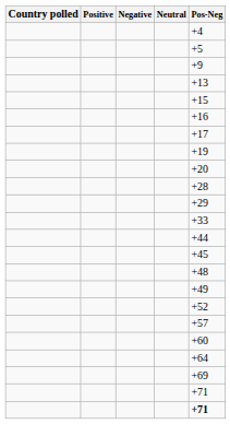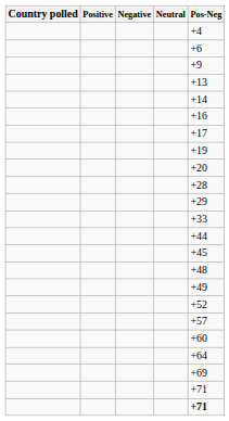 <table class="wikitable sortable floatright" style="border:1px black; float:right; margin-left:1em;">
 <tr>
 <th>Country polled</th>
 <th><small>Positive</small></th>
 <th><small>Negative</small></th>
 <th><small>Neutral</small></th>
 <th><small>Pos-Neg</small></th>
 </tr>
 <tr>
 <td></td>
 <td></td>
 <td></td>
 <td></td>
 <td>+4</td>
 </tr>
 <tr>
 <td></td>
 <td></td>
 <td></td>
 <td></td>
-<td>+5</td>
+<td>+6</td>
 </tr>
 <tr>
 <td></td>
 <td></td>
 <td></td>
 <td></td>
 <td>+9</td>
 </tr>
 <tr>
 <td></td>
 <td></td>
 <td></td>
 <td></td>
 <td>+13</td>
 </tr>
 <tr>
 <td></td>
 <td></td>
 <td></td>
 <td></td>
-<td>+15</td>
+<td>+14</td>
 </tr>
 <tr>
 <td></td>
 <td></td>
 <td></td>
 <td></td>
 <td>+16</td>
 </tr>
 <tr>
 <td></td>
 <td></td>
 <td></td>
 <td></td>
 <td>+17</td>
 </tr>
 <tr>
 <td></td>
 <td></td>
 <td></td>
 <td></td>
 <td>+19</td>
 </tr>
 <tr>
 <td></td>
 <td></td>
 <td></td>
 <td></td>
 <td>+20</td>
 </tr>
 <tr>
 <td></td>
 <td></td>
 <td></td>
 <td></td>
 <td>+28</td>
 </tr>
 <tr>
 <td></td>
 <td></td>
 <td></td>
 <td></td>
 <td>+29</td>
 </tr>
 <tr>
 <td></td>
 <td></td>
 <td></td>
 <td></td>
 <td>+33</td>
 </tr>
 <tr>
 <td></td>
 <td></td>
 <td></td>
 <td></td>
 <td>+44</td>
 </tr>
 <tr>
 <td></td>
 <td></td>
 <td></td>
 <td></td>
 <td>+45</td>
 </tr>
 <tr>
 <td></td>
 <td></td>
 <td></td>
 <td></td>
 <td>+48</td>
 </tr>
 <tr>
 <td></td>
 <td></td>
 <td></td>
 <td></td>
 <td>+49</td>
 </tr>
 <tr>
 <td></td>
 <td></td>
 <td></td>
 <td></td>
 <td>+52</td>
 </tr>
 <tr>
 <td></td>
 <td></td>
 <td></td>
 <td></td>
 <td>+57</td>
 </tr>
 <tr>
 <td></td>
 <td></td>
 <td></td>
 <td></td>
 <td>+60</td>
 </tr>
 <tr>
 <td></td>
 <td></td>
 <td></td>
 <td></td>
 <td>+64</td>
 </tr>
 <tr>
 <td></td>
 <td></td>
 <td></td>
 <td></td>
 <td>+69</td>
 </tr>
 <tr>
 <td></td>
 <td></td>
 <td></td>
 <td></td>
 <td>+71</td>
 </tr>
 <tr>
 <td></td>
 <td></td>
 <td></td>
 <td></td>
 <td><strong>+71</strong></td>
 </tr>
 <tr>
 </tr>
 </table>
